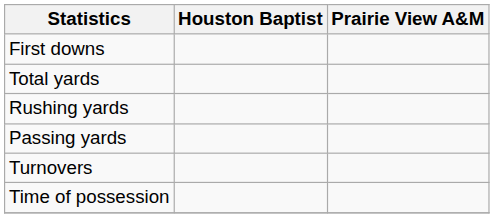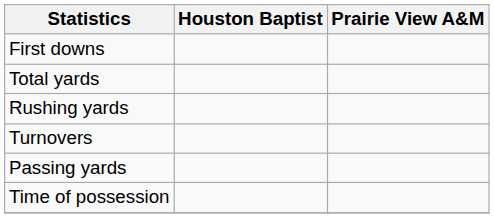 <table class="wikitable">
 <tr>
 <th>Statistics</th>
 <th>Houston Baptist</th>
 <th>Prairie View A&M</th>
 </tr>
 <tr>
 <td>First downs</td>
 <td> </td>
 <td> </td>
 </tr>
 <tr>
 <td>Total yards</td>
 <td> </td>
 <td> </td>
 </tr>
 <tr>
 <td>Rushing yards</td>
 <td> </td>
 <td> </td>
 </tr>
 <tr>
-<td>Passing yards</td>
+<td>Turnovers</td>
 <td> </td>
 <td> </td>
 </tr>
 <tr>
-<td>Turnovers</td>
+<td>Passing yards</td>
 <td> </td>
 <td> </td>
 </tr>
 <tr>
 <td>Time of possession</td>
 <td> </td>
 <td> </td>
 </tr>
 <tr>
 </tr>
 </table>
